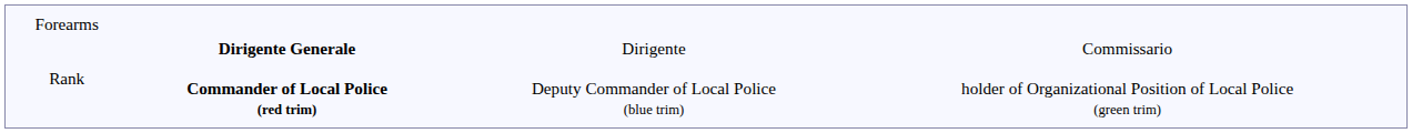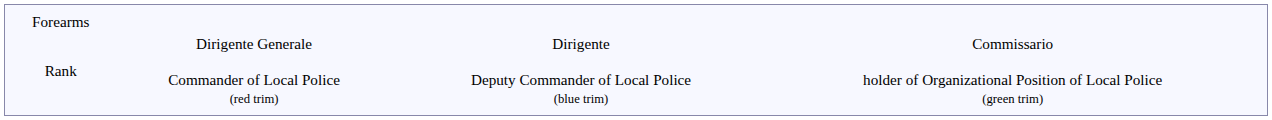 <table style="border:1px solid #8888aa; background-color:#f7f8ff; padding:5px; font-size:95%; margin: 0px 12px 12px 0px;" width="100%">
 <tr align="center">
 <td>Forearms</td>
 <td></td>
 <td></td>
 <td></td>
 </tr>
 <tr align="center">
 <td>Rank</td>
-<td><strong>Dirigente Generale<br><br>Commander of Local Police<br> <small>(red trim)</small></strong></td>
+<td>Dirigente Generale<br><br>Commander of Local Police<br> <small>(red trim)</small></td>
 <td>Dirigente<br><br>Deputy Commander of Local Police<br> <small>(blue trim)</small></td>
 <td>Commissario<br><br>holder of Organizational Position of Local Police<br> <small>(green trim)</small></td>
 </tr>
 </table>
